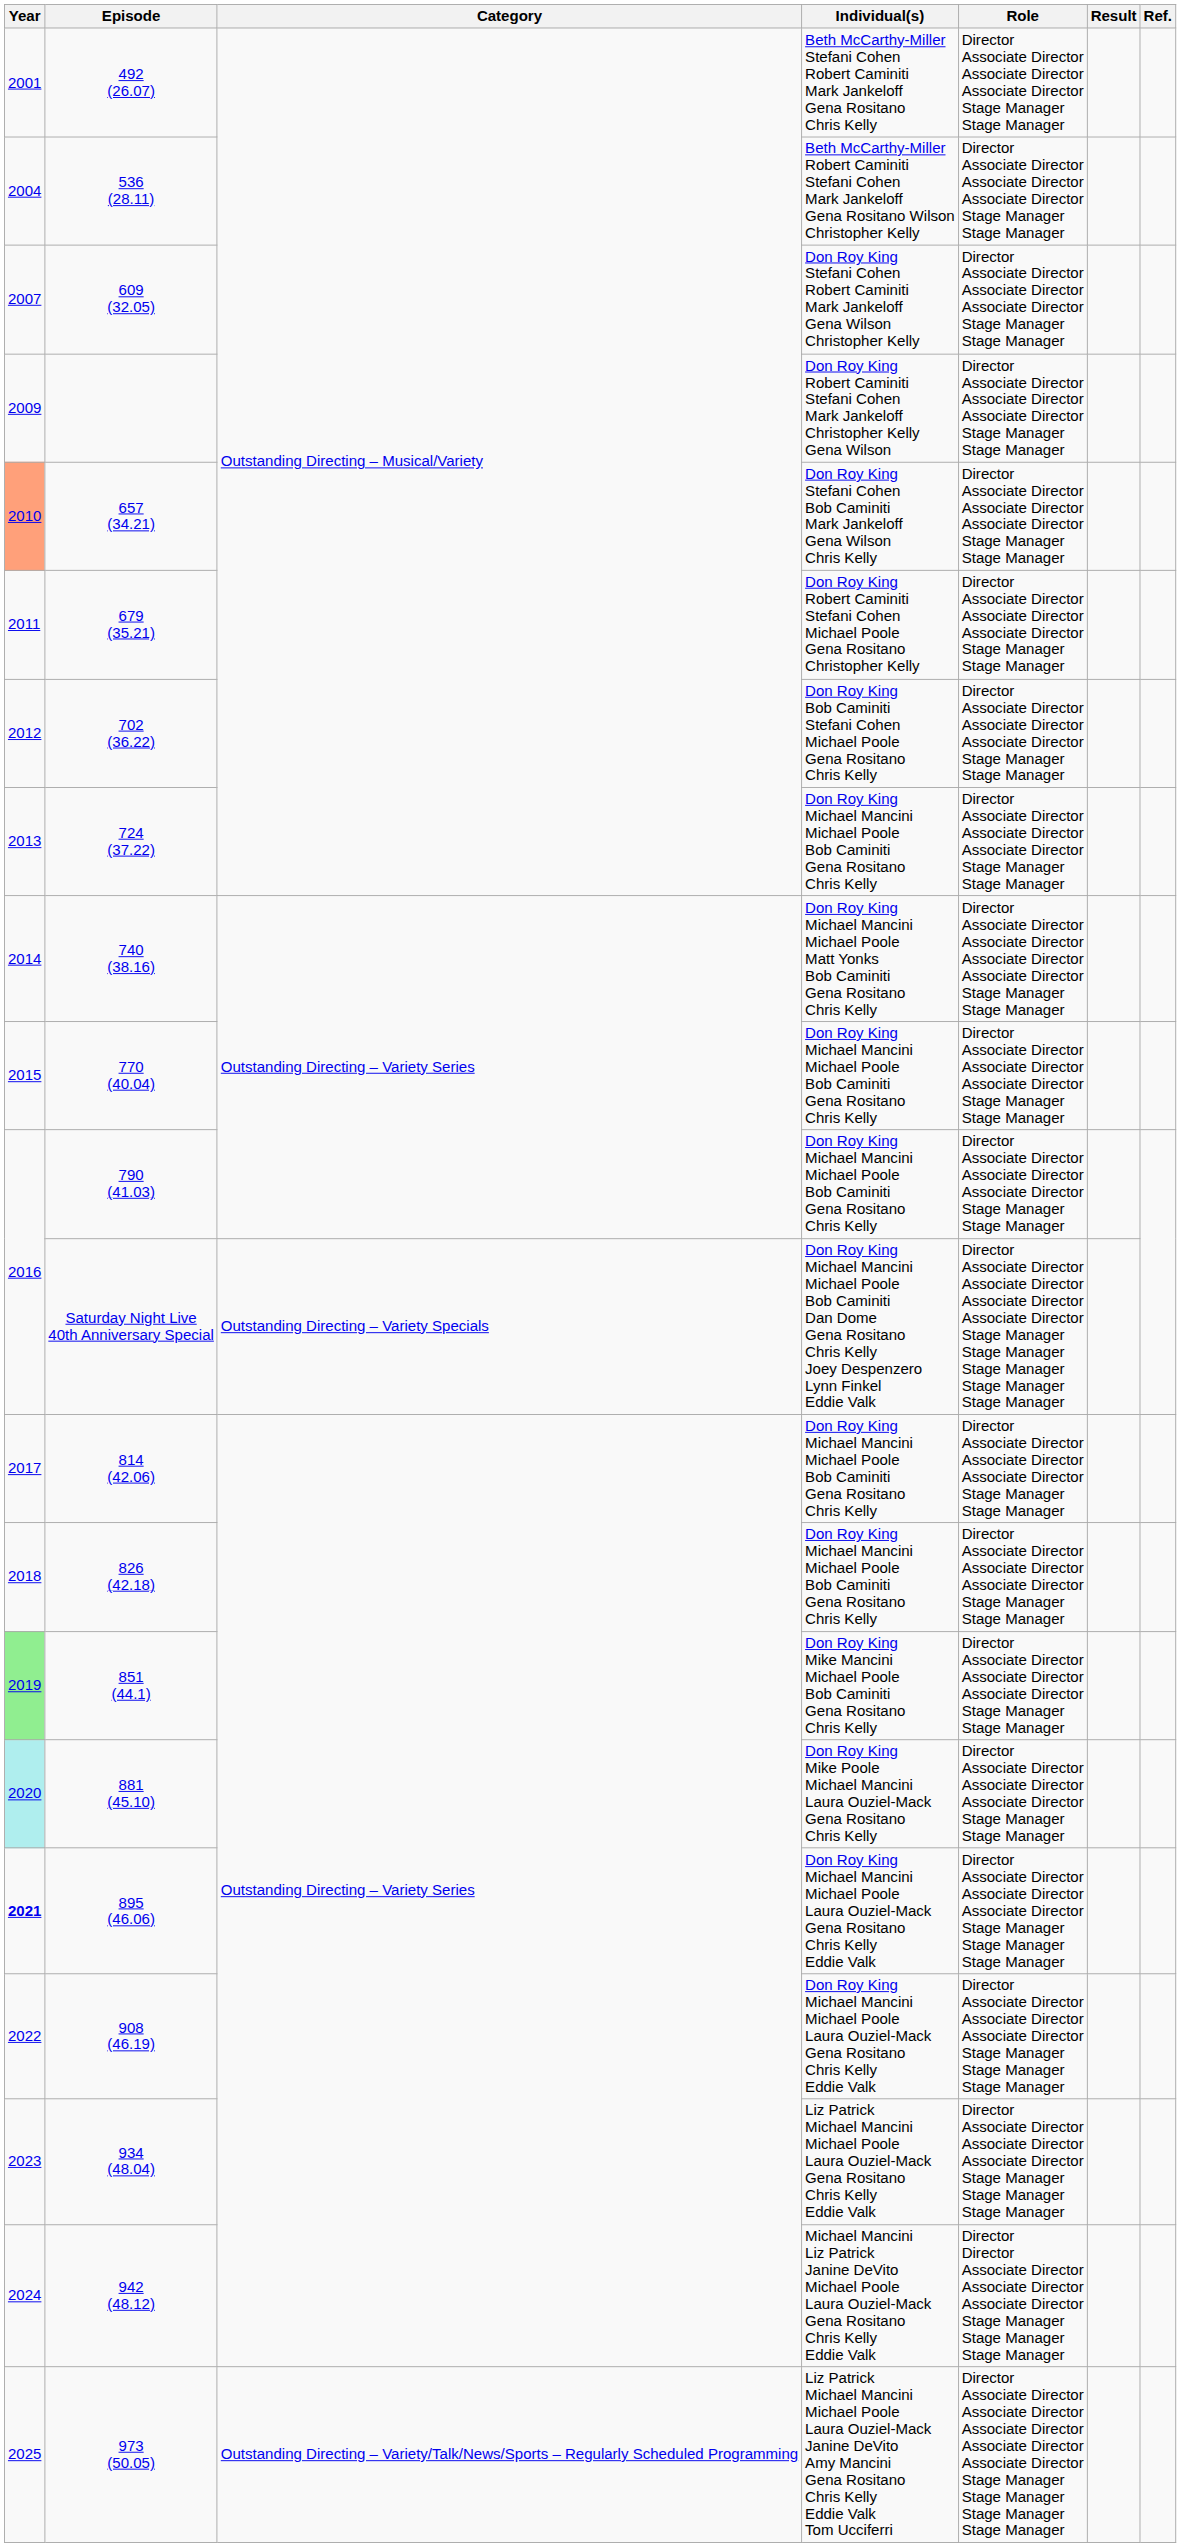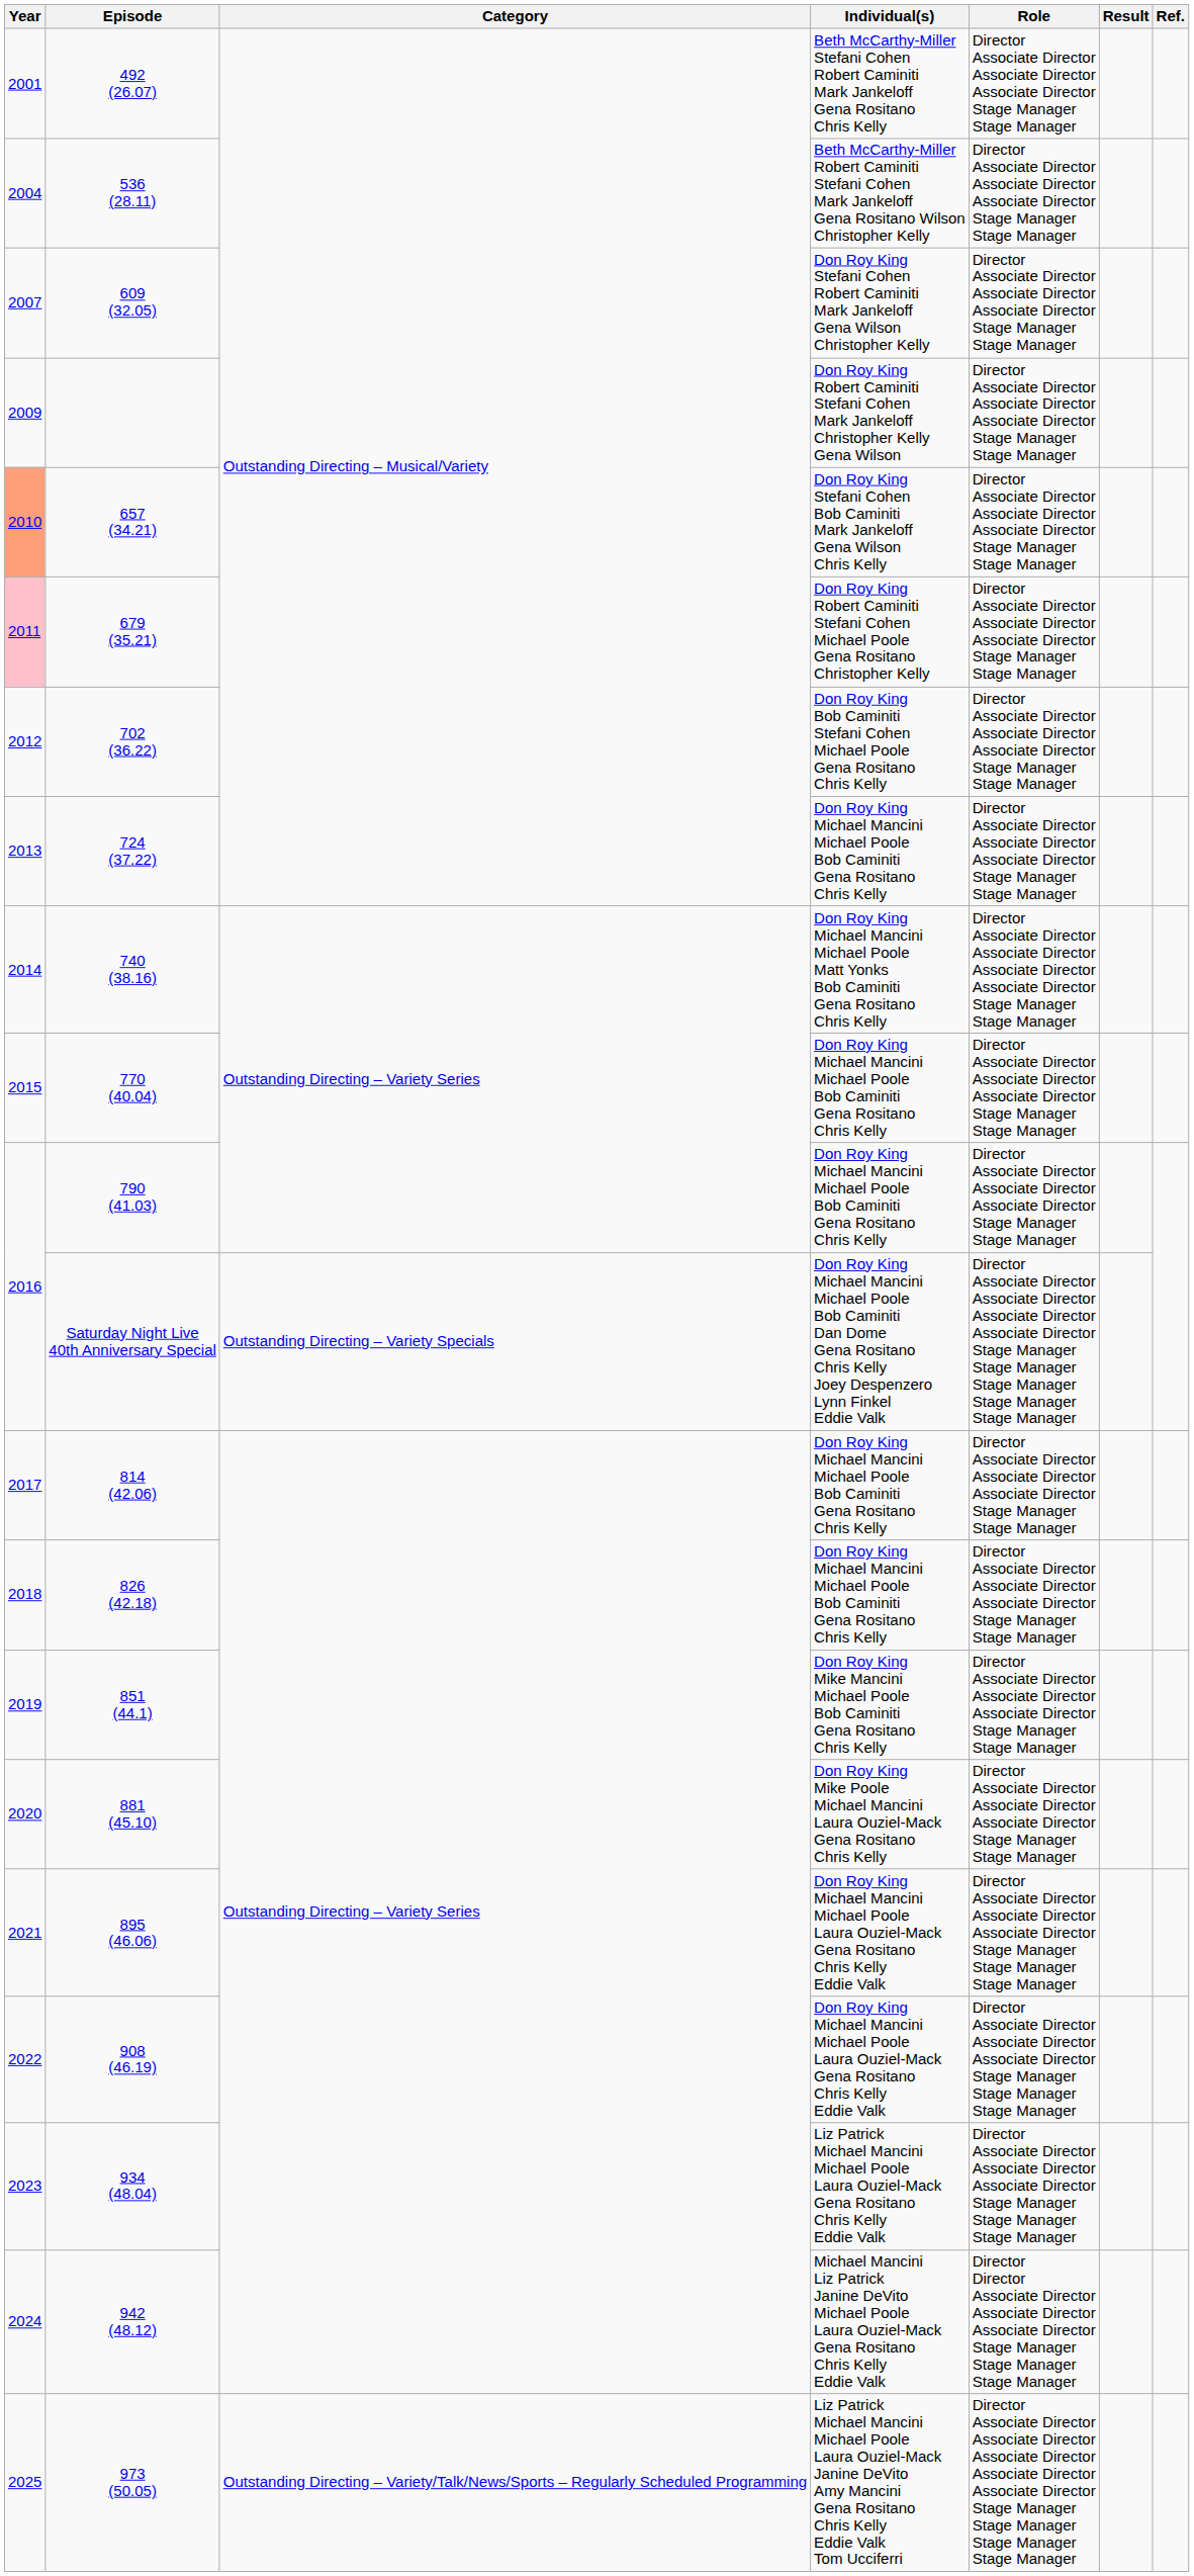 <table class="wikitable">
 <tr>
 <th>Year</th>
 <th>Episode</th>
 <th>Category</th>
 <th>Individual(s)</th>
 <th>Role</th>
 <th>Result</th>
 <th>Ref.</th>
 </tr>
 <tr>
 <td><a href='#'>2001</a></td>
 <td align="center"><a href='#'>492 <br> (26.07)</a></td>
 <td rowspan="8"><a href='#'>Outstanding Directing – Musical/Variety</a></td>
 <td><a href='#'>Beth McCarthy-Miller</a> <br> Stefani Cohen <br> Robert Caminiti <br> Mark Jankeloff <br> Gena Rositano <br> Chris Kelly</td>
 <td>Director <br> Associate Director <br> Associate Director <br> Associate Director <br> Stage Manager <br> Stage Manager</td>
 <td></td>
 <td align="center"></td>
 </tr>
 <tr>
 <td><a href='#'>2004</a></td>
 <td align="center"><a href='#'>536 <br> (28.11)</a></td>
 <td><a href='#'>Beth McCarthy-Miller</a> <br> Robert Caminiti <br> Stefani Cohen <br> Mark Jankeloff <br> Gena Rositano Wilson <br> Christopher Kelly</td>
 <td>Director <br> Associate Director <br> Associate Director <br> Associate Director <br> Stage Manager <br> Stage Manager</td>
 <td></td>
 <td align="center"></td>
 </tr>
 <tr>
 <td><a href='#'>2007</a></td>
 <td align="center"><a href='#'>609 <br> (32.05)</a></td>
 <td><a href='#'>Don Roy King</a> <br> Stefani Cohen <br> Robert Caminiti <br> Mark Jankeloff <br> Gena Wilson <br> Christopher Kelly</td>
 <td>Director <br> Associate Director <br> Associate Director <br> Associate Director <br> Stage Manager <br> Stage Manager</td>
 <td></td>
 <td align="center"></td>
 </tr>
 <tr>
 <td><a href='#'>2009</a></td>
 <td></td>
 <td><a href='#'>Don Roy King</a> <br> Robert Caminiti <br> Stefani Cohen <br> Mark Jankeloff <br> Christopher Kelly <br> Gena Wilson</td>
 <td>Director <br> Associate Director <br> Associate Director <br> Associate Director <br> Stage Manager <br> Stage Manager</td>
 <td></td>
 <td align="center"></td>
 </tr>
 <tr>
 <td style="background: lightsalmon;"><a href='#'>2010</a></td>
 <td align="center"><a href='#'>657 <br> (34.21)</a></td>
 <td><a href='#'>Don Roy King</a> <br> Stefani Cohen <br> Bob Caminiti <br> Mark Jankeloff <br> Gena Wilson <br> Chris Kelly</td>
 <td>Director <br> Associate Director <br> Associate Director <br> Associate Director <br> Stage Manager <br> Stage Manager</td>
 <td></td>
 <td align="center"></td>
 </tr>
 <tr>
-<td><a href='#'>2011</a></td>
+<td style="background: pink;"><a href='#'>2011</a></td>
 <td align="center"><a href='#'>679 <br> (35.21)</a></td>
 <td><a href='#'>Don Roy King</a> <br> Robert Caminiti <br> Stefani Cohen <br> Michael Poole <br> Gena Rositano <br> Christopher Kelly</td>
 <td>Director <br> Associate Director <br> Associate Director <br> Associate Director <br> Stage Manager <br> Stage Manager</td>
 <td></td>
 <td align="center"></td>
 </tr>
 <tr>
 <td><a href='#'>2012</a></td>
 <td align="center"><a href='#'>702 <br> (36.22)</a></td>
 <td><a href='#'>Don Roy King</a> <br> Bob Caminiti <br> Stefani Cohen <br> Michael Poole <br> Gena Rositano <br> Chris Kelly</td>
 <td>Director <br> Associate Director <br> Associate Director <br> Associate Director <br> Stage Manager <br> Stage Manager</td>
 <td></td>
 <td align="center"></td>
 </tr>
 <tr>
 <td><a href='#'>2013</a></td>
 <td align="center"><a href='#'>724 <br> (37.22)</a></td>
 <td><a href='#'>Don Roy King</a> <br> Michael Mancini <br> Michael Poole <br> Bob Caminiti <br> Gena Rositano <br> Chris Kelly</td>
 <td>Director <br> Associate Director <br> Associate Director <br> Associate Director <br> Stage Manager <br> Stage Manager</td>
 <td></td>
 <td align="center"></td>
 </tr>
 <tr>
 <td><a href='#'>2014</a></td>
 <td align="center"><a href='#'>740 <br> (38.16)</a></td>
 <td rowspan="3"><a href='#'>Outstanding Directing – Variety Series</a></td>
 <td><a href='#'>Don Roy King</a> <br> Michael Mancini <br> Michael Poole <br> Matt Yonks <br> Bob Caminiti <br> Gena Rositano <br> Chris Kelly</td>
 <td>Director <br> Associate Director <br> Associate Director <br> Associate Director <br> Associate Director <br> Stage Manager <br> Stage Manager</td>
 <td></td>
 <td align="center"></td>
 </tr>
 <tr>
 <td><a href='#'>2015</a></td>
 <td align="center"><a href='#'>770 <br> (40.04)</a></td>
 <td><a href='#'>Don Roy King</a> <br> Michael Mancini <br> Michael Poole <br> Bob Caminiti <br> Gena Rositano <br> Chris Kelly</td>
 <td>Director <br> Associate Director <br> Associate Director <br> Associate Director <br> Stage Manager <br> Stage Manager</td>
 <td></td>
 <td align="center"></td>
 </tr>
 <tr>
 <td rowspan="2"><a href='#'>2016</a></td>
 <td align="center"><a href='#'>790 <br> (41.03)</a></td>
 <td><a href='#'>Don Roy King</a> <br> Michael Mancini <br> Michael Poole <br> Bob Caminiti <br> Gena Rositano <br> Chris Kelly</td>
 <td>Director <br> Associate Director <br> Associate Director <br> Associate Director <br> Stage Manager <br> Stage Manager</td>
 <td></td>
 <td rowspan="2" align="center"></td>
 </tr>
 <tr>
 <td align="center"><a href='#'>Saturday Night Live <br> 40th Anniversary Special</a></td>
 <td><a href='#'>Outstanding Directing – Variety Specials</a></td>
 <td><a href='#'>Don Roy King</a> <br> Michael Mancini <br> Michael Poole <br> Bob Caminiti <br> Dan Dome <br> Gena Rositano <br> Chris Kelly <br> Joey Despenzero <br> Lynn Finkel <br> Eddie Valk</td>
 <td>Director <br> Associate Director <br> Associate Director <br> Associate Director <br> Associate Director <br> Stage Manager <br> Stage Manager <br> Stage Manager <br> Stage Manager <br> Stage Manager</td>
 <td></td>
 </tr>
 <tr>
 <td><a href='#'>2017</a></td>
 <td align="center"><a href='#'>814 <br> (42.06)</a></td>
 <td rowspan="8"><a href='#'>Outstanding Directing – Variety Series</a></td>
 <td><a href='#'>Don Roy King</a> <br> Michael Mancini <br> Michael Poole <br> Bob Caminiti <br> Gena Rositano <br> Chris Kelly</td>
 <td>Director <br> Associate Director <br> Associate Director <br> Associate Director <br> Stage Manager <br> Stage Manager</td>
 <td></td>
 <td align="center"></td>
 </tr>
 <tr>
 <td><a href='#'>2018</a></td>
 <td align="center"><a href='#'>826 <br> (42.18)</a></td>
 <td><a href='#'>Don Roy King</a> <br> Michael Mancini <br> Michael Poole <br> Bob Caminiti <br> Gena Rositano <br> Chris Kelly</td>
 <td>Director <br> Associate Director <br> Associate Director <br> Associate Director <br> Stage Manager <br> Stage Manager</td>
 <td></td>
 <td align="center"></td>
 </tr>
 <tr>
-<td style="background: lightgreen;"><a href='#'>2019</a></td>
+<td><a href='#'>2019</a></td>
 <td align="center"><a href='#'>851 <br> (44.1)</a></td>
 <td><a href='#'>Don Roy King</a> <br> Mike Mancini <br> Michael Poole <br> Bob Caminiti <br> Gena Rositano <br> Chris Kelly</td>
 <td>Director <br> Associate Director <br> Associate Director <br> Associate Director <br> Stage Manager <br> Stage Manager</td>
 <td></td>
 <td align="center"></td>
 </tr>
 <tr>
-<td style="background: paleturquoise;"><a href='#'>2020</a></td>
+<td><a href='#'>2020</a></td>
 <td align="center"><a href='#'>881 <br> (45.10)</a></td>
 <td><a href='#'>Don Roy King</a> <br> Mike Poole <br> Michael Mancini <br> Laura Ouziel-Mack <br> Gena Rositano <br> Chris Kelly</td>
 <td>Director <br> Associate Director <br> Associate Director <br> Associate Director <br> Stage Manager <br> Stage Manager</td>
 <td></td>
 <td align="center"></td>
 </tr>
 <tr>
-<td><strong><a href='#'>2021</a></strong></td>
+<td><a href='#'>2021</a></td>
 <td align="center"><a href='#'>895 <br> (46.06)</a></td>
 <td><a href='#'>Don Roy King</a> <br> Michael Mancini <br> Michael Poole <br> Laura Ouziel-Mack <br> Gena Rositano <br> Chris Kelly <br> Eddie Valk</td>
 <td>Director <br> Associate Director <br> Associate Director <br> Associate Director <br> Stage Manager <br> Stage Manager <br> Stage Manager</td>
 <td></td>
 <td align="center"></td>
 </tr>
 <tr>
 <td><a href='#'>2022</a></td>
 <td align="center"><a href='#'>908 <br> (46.19)</a></td>
 <td><a href='#'>Don Roy King</a> <br> Michael Mancini <br> Michael Poole <br> Laura Ouziel-Mack <br> Gena Rositano <br> Chris Kelly <br> Eddie Valk</td>
 <td>Director <br> Associate Director <br> Associate Director <br> Associate Director <br> Stage Manager <br> Stage Manager <br> Stage Manager</td>
 <td></td>
 <td align="center"></td>
 </tr>
 <tr>
 <td><a href='#'>2023</a></td>
 <td align="center"><a href='#'>934 <br> (48.04)</a></td>
 <td>Liz Patrick <br> Michael Mancini <br> Michael Poole <br> Laura Ouziel-Mack <br> Gena Rositano <br> Chris Kelly <br> Eddie Valk</td>
 <td>Director <br> Associate Director <br> Associate Director <br> Associate Director <br> Stage Manager <br> Stage Manager <br> Stage Manager</td>
 <td></td>
 <td align="center"></td>
 </tr>
 <tr>
 <td><a href='#'>2024</a></td>
 <td align="center"><a href='#'>942 <br> (48.12)</a></td>
 <td>Michael Mancini <br> Liz Patrick <br> Janine DeVito <br> Michael Poole <br> Laura Ouziel-Mack <br> Gena Rositano <br> Chris Kelly <br> Eddie Valk</td>
 <td>Director <br> Director <br> Associate Director <br> Associate Director <br> Associate Director <br> Stage Manager <br> Stage Manager <br> Stage Manager</td>
 <td></td>
 <td align="center"></td>
 </tr>
 <tr>
 <td><a href='#'>2025</a></td>
 <td align="center"><a href='#'>973 <br> (50.05)</a></td>
 <td><a href='#'>Outstanding Directing – Variety/Talk/News/Sports – Regularly Scheduled Programming</a></td>
 <td>Liz Patrick <br> Michael Mancini <br> Michael Poole <br> Laura Ouziel-Mack <br> Janine DeVito <br> Amy Mancini <br> Gena Rositano <br> Chris Kelly <br> Eddie Valk <br> Tom Ucciferri</td>
 <td>Director <br> Associate Director <br> Associate Director <br> Associate Director <br> Associate Director <br> Associate Director <br> Stage Manager <br> Stage Manager <br> Stage Manager <br> Stage Manager</td>
 <td></td>
 <td align="center"></td>
 </tr>
 </table>
